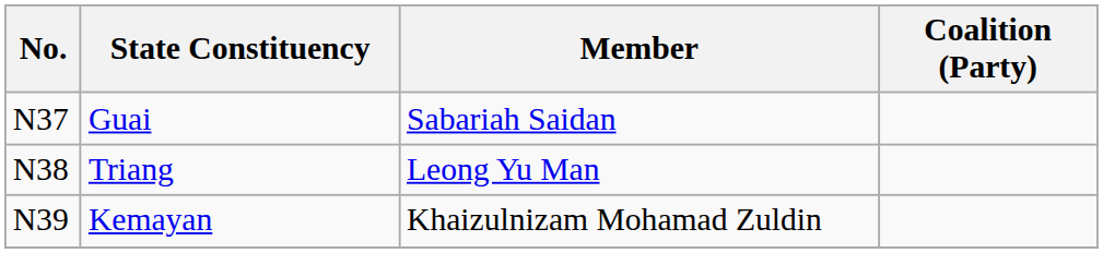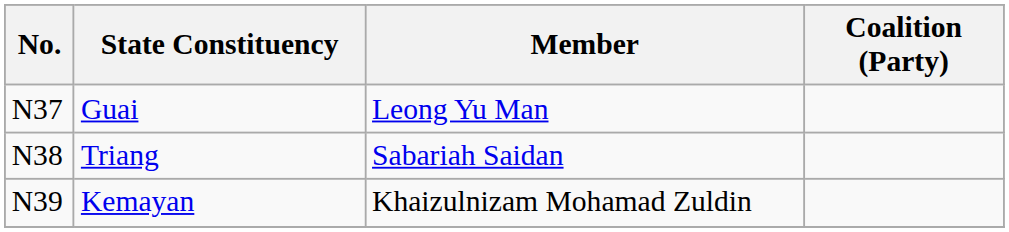 <table class="wikitable">
 <tr>
 <th width="30">No.</th>
 <th width="150">State Constituency</th>
 <th width="230">Member</th>
 <th width="100">Coalition (Party)</th>
 </tr>
 <tr>
 <td>N37</td>
 <td><a href='#'>Guai</a></td>
-<td><a href='#'>Sabariah Saidan</a></td>
+<td><a href='#'>Leong Yu Man</a></td>
 <td></td>
 </tr>
 <tr>
 <td>N38</td>
 <td><a href='#'>Triang</a></td>
-<td><a href='#'>Leong Yu Man</a></td>
+<td><a href='#'>Sabariah Saidan</a></td>
 <td></td>
 </tr>
 <tr>
 <td>N39</td>
 <td><a href='#'>Kemayan</a></td>
 <td>Khaizulnizam Mohamad Zuldin</td>
 <td></td>
 </tr>
 <tr>
 </tr>
 </table>
